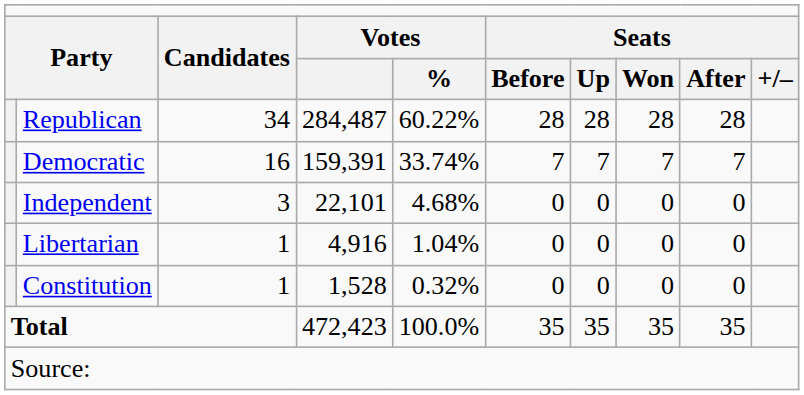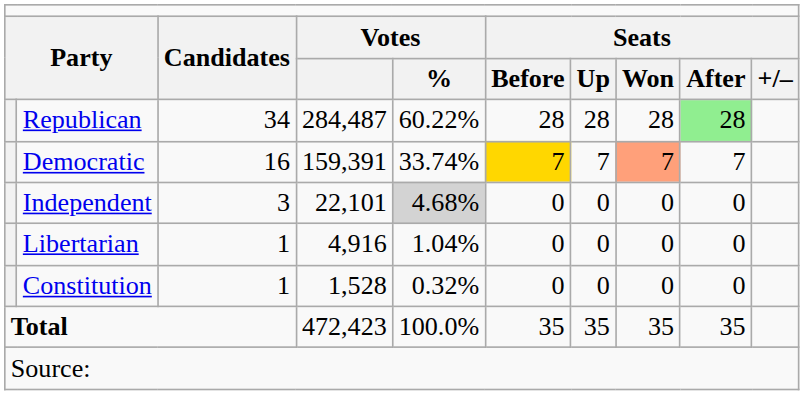 <table class="wikitable">
 <tr>
 <td colspan=15 align=center></td>
 </tr>
 <tr>
 <th rowspan="2" colspan="2">Party</th>
 <th rowspan="2">Candidates</th>
 <th colspan="2">Votes</th>
 <th colspan="5">Seats</th>
 </tr>
 <tr>
 <th></th>
 <th>%</th>
 <th>Before</th>
 <th>Up</th>
 <th>Won</th>
 <th>After</th>
 <th>+/–</th>
 </tr>
 <tr>
 <th style="background-color:"></th>
 <td><a href='#'>Republican</a></td>
 <td align="right">34</td>
 <td align="right">284,487</td>
 <td align="right">60.22%</td>
 <td align="right">28</td>
 <td align="right">28</td>
 <td align="right">28</td>
-<td align="right">28</td>
+<td align="right" style="background: lightgreen;">28</td>
 <td align="right"></td>
 </tr>
 <tr>
 <th style="background-color:"></th>
 <td><a href='#'>Democratic</a></td>
 <td align="right">16</td>
 <td align="right">159,391</td>
 <td align="right">33.74%</td>
+<td align="right" style="background: gold;">7</td>
 <td align="right">7</td>
-<td align="right">7</td>
-<td align="right">7</td>
+<td align="right" style="background: lightsalmon;">7</td>
 <td align="right">7</td>
 <td align="right"></td>
 </tr>
 <tr>
 <th style="background-color:"></th>
 <td><a href='#'>Independent</a></td>
 <td align="right">3</td>
 <td align="right">22,101</td>
-<td align="right">4.68%</td>
+<td align="right" style="background: lightgrey;">4.68%</td>
 <td align="right">0</td>
 <td align="right">0</td>
 <td align="right">0</td>
 <td align="right">0</td>
 <td align="right"></td>
 </tr>
 <tr>
 <th style="background-color:"></th>
 <td><a href='#'>Libertarian</a></td>
 <td align="right">1</td>
 <td align="right">4,916</td>
 <td align="right">1.04%</td>
 <td align="right">0</td>
 <td align="right">0</td>
 <td align="right">0</td>
 <td align="right">0</td>
 <td align="right"></td>
 </tr>
 <tr>
 <th style="background-color:"></th>
 <td><a href='#'>Constitution</a></td>
 <td align="right">1</td>
 <td align="right">1,528</td>
 <td align="right">0.32%</td>
 <td align="right">0</td>
 <td align="right">0</td>
 <td align="right">0</td>
 <td align="right">0</td>
 <td align="right"></td>
 </tr>
 <tr>
 <td colspan="3" align="left"><strong>Total</strong></td>
 <td align="right">472,423</td>
 <td align="right">100.0%</td>
 <td align="right">35</td>
 <td align="right">35</td>
 <td align="right">35</td>
 <td align="right">35</td>
 <td align="right"></td>
 </tr>
 <tr>
 <td colspan="10">Source: </td>
 </tr>
 </table>
